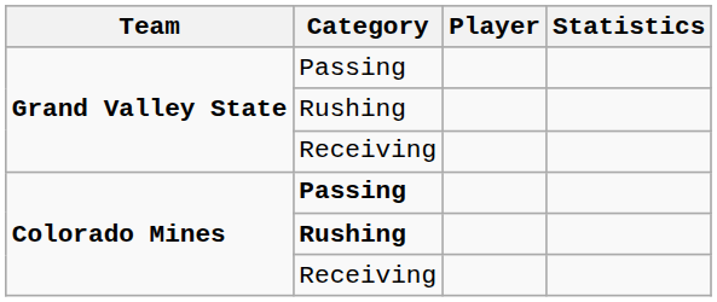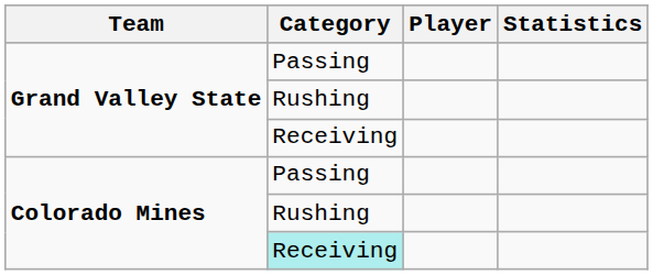 <table class="wikitable" style="float: left;">
 <tr>
 <th>Team</th>
 <th>Category</th>
 <th>Player</th>
 <th>Statistics</th>
 </tr>
 <tr>
 <td rowspan=3><strong>Grand Valley State</strong></td>
 <td>Passing</td>
 <td></td>
 <td></td>
 </tr>
 <tr>
 <td>Rushing</td>
 <td></td>
 <td></td>
 </tr>
 <tr>
 <td>Receiving</td>
 <td></td>
 <td></td>
 </tr>
 <tr>
 <td rowspan=3><strong>Colorado Mines</strong></td>
-<td><strong>Passing</strong></td>
+<td>Passing</td>
 <td></td>
 <td></td>
 </tr>
 <tr>
-<td><strong>Rushing</strong></td>
+<td>Rushing</td>
 <td></td>
 <td></td>
 </tr>
 <tr>
-<td>Receiving</td>
+<td style="background: paleturquoise;">Receiving</td>
 <td></td>
 <td></td>
 </tr>
 </table>
